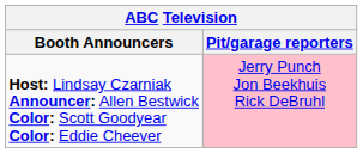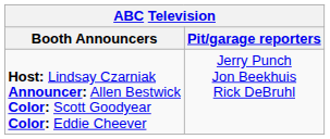 <table class="wikitable" style="font-size: 95%;">
 <tr>
 <th colspan=2><a href='#'>ABC</a> <a href='#'>Television</a></th>
 </tr>
 <tr>
 <th>Booth Announcers</th>
 <th><a href='#'>Pit/garage reporters</a></th>
 </tr>
 <tr>
 <td valign="top"><br><strong>Host:</strong> <a href='#'>Lindsay Czarniak</a><br> <strong><a href='#'>Announcer</a>:</strong> <a href='#'>Allen Bestwick</a><br> <strong><a href='#'>Color</a>:</strong> <a href='#'>Scott Goodyear</a><br> <strong><a href='#'>Color</a>:</strong> <a href='#'>Eddie Cheever</a><br></td>
-<td align="center" valign="top" style="background: pink;"><a href='#'>Jerry Punch</a><br><a href='#'>Jon Beekhuis</a><br><a href='#'>Rick DeBruhl</a><br></td>
+<td align="center" valign="top"><a href='#'>Jerry Punch</a><br><a href='#'>Jon Beekhuis</a><br><a href='#'>Rick DeBruhl</a><br></td>
 </tr>
 </table>
